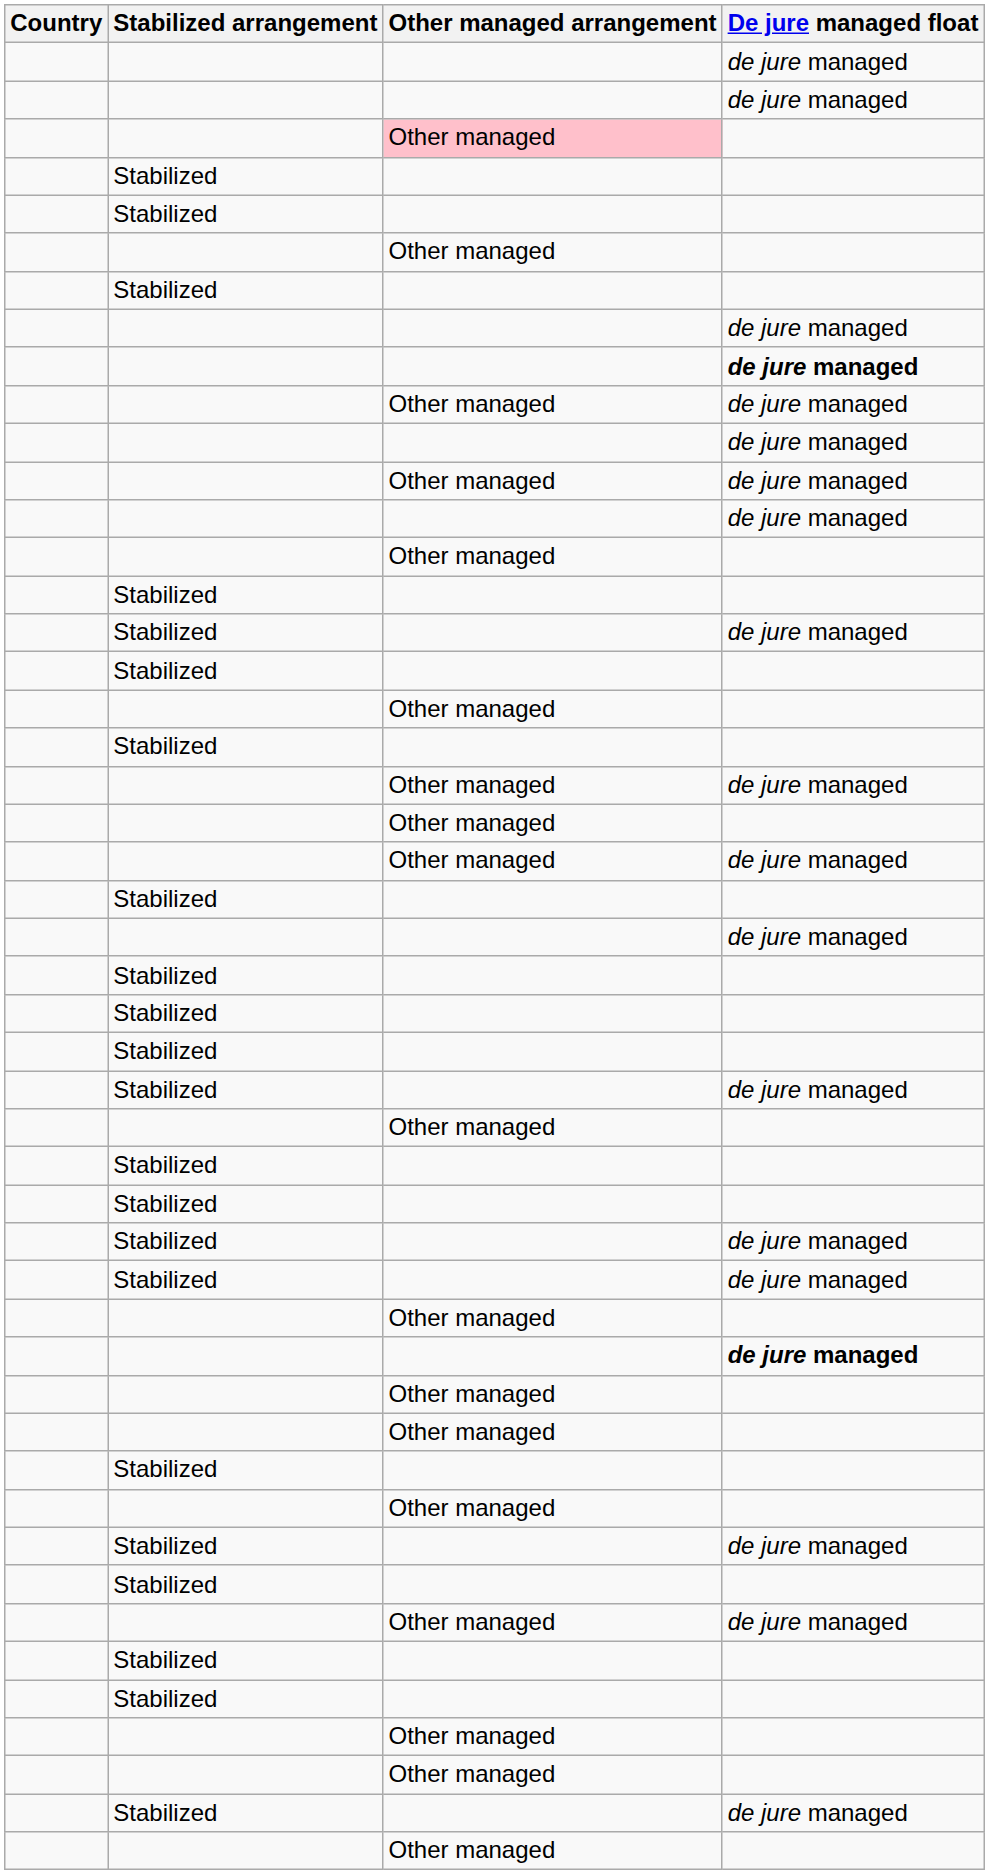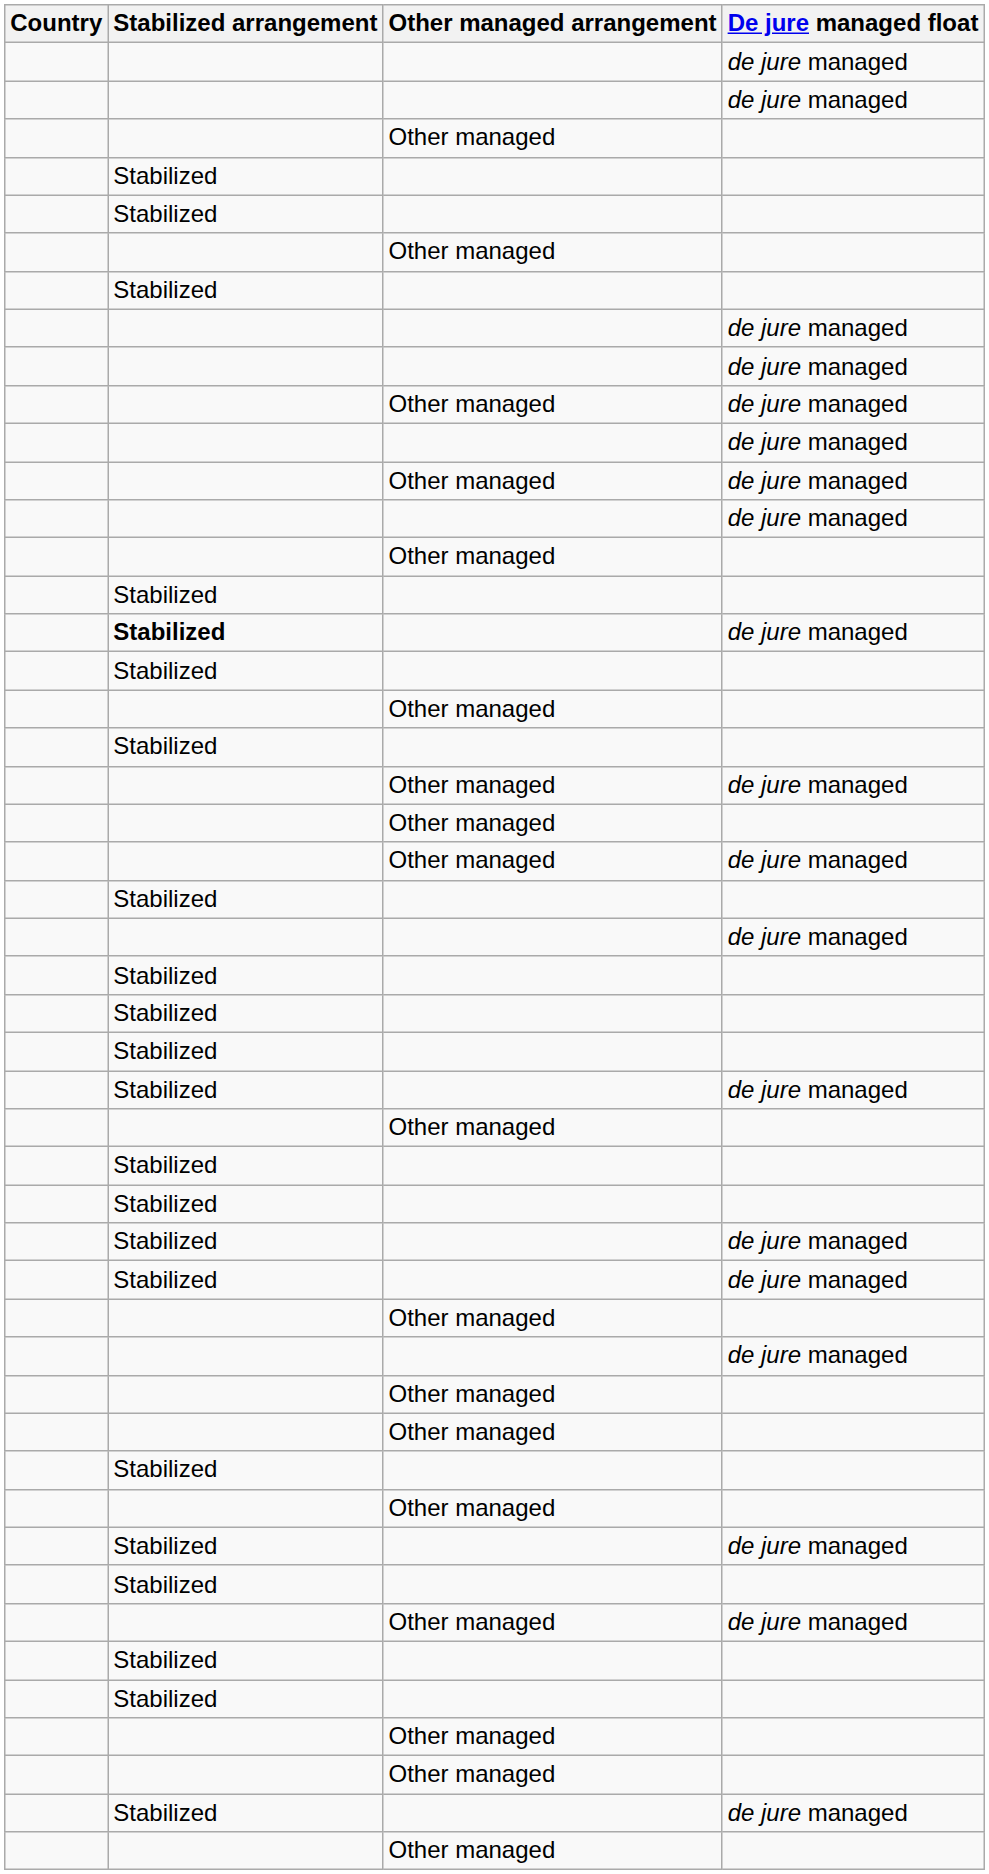 <table class="wikitable">
 <tr>
 <th>Country</th>
 <th>Stabilized arrangement</th>
 <th>Other managed arrangement</th>
 <th><a href='#'>De jure</a> managed float</th>
 </tr>
 <tr>
 <td></td>
 <td></td>
 <td></td>
 <td><em>de jure</em> managed</td>
 </tr>
 <tr>
 <td></td>
 <td></td>
 <td></td>
 <td><em>de jure</em> managed</td>
 </tr>
 <tr>
 <td></td>
 <td></td>
-<td style="background: pink;">Other managed</td>
+<td>Other managed</td>
 <td></td>
 </tr>
 <tr>
 <td></td>
 <td>Stabilized</td>
 <td></td>
 <td></td>
 </tr>
 <tr>
 <td></td>
 <td>Stabilized</td>
 <td></td>
 <td></td>
 </tr>
 <tr>
 <td></td>
 <td></td>
 <td>Other managed</td>
 <td></td>
 </tr>
 <tr>
 <td></td>
 <td>Stabilized</td>
 <td></td>
 <td></td>
 </tr>
 <tr>
 <td></td>
 <td></td>
 <td></td>
 <td><em>de jure</em> managed</td>
 </tr>
 <tr>
 <td></td>
 <td></td>
 <td></td>
-<td><strong><em>de jure</em> managed</strong></td>
+<td><em>de jure</em> managed</td>
 </tr>
 <tr>
 <td></td>
 <td></td>
 <td>Other managed</td>
 <td><em>de jure</em> managed</td>
 </tr>
 <tr>
 <td></td>
 <td></td>
 <td></td>
 <td><em>de jure</em> managed</td>
 </tr>
 <tr>
 <td></td>
 <td></td>
 <td>Other managed</td>
 <td><em>de jure</em> managed</td>
 </tr>
 <tr>
 <td></td>
 <td></td>
 <td></td>
 <td><em>de jure</em> managed</td>
 </tr>
 <tr>
 <td></td>
 <td></td>
 <td>Other managed</td>
 <td></td>
 </tr>
 <tr>
 <td></td>
 <td>Stabilized</td>
 <td></td>
 <td></td>
 </tr>
 <tr>
 <td></td>
-<td>Stabilized</td>
+<td><strong>Stabilized</strong></td>
 <td></td>
 <td><em>de jure</em> managed</td>
 </tr>
 <tr>
 <td></td>
 <td>Stabilized</td>
 <td></td>
 <td></td>
 </tr>
 <tr>
 <td></td>
 <td></td>
 <td>Other managed</td>
 <td></td>
 </tr>
 <tr>
 <td></td>
 <td>Stabilized</td>
 <td></td>
 <td></td>
 </tr>
 <tr>
 <td></td>
 <td></td>
 <td>Other managed</td>
 <td><em>de jure</em> managed</td>
 </tr>
 <tr>
 <td></td>
 <td></td>
 <td>Other managed</td>
 <td></td>
 </tr>
 <tr>
 <td></td>
 <td></td>
 <td>Other managed</td>
 <td><em>de jure</em> managed</td>
 </tr>
 <tr>
 <td></td>
 <td>Stabilized</td>
 <td></td>
 <td></td>
 </tr>
 <tr>
 <td></td>
 <td></td>
 <td></td>
 <td><em>de jure</em> managed</td>
 </tr>
 <tr>
 <td></td>
 <td>Stabilized</td>
 <td></td>
 <td></td>
 </tr>
 <tr>
 <td></td>
 <td>Stabilized</td>
 <td></td>
 <td></td>
 </tr>
 <tr>
 <td></td>
 <td>Stabilized</td>
 <td></td>
 <td></td>
 </tr>
 <tr>
 <td></td>
 <td>Stabilized</td>
 <td></td>
 <td><em>de jure</em> managed</td>
 </tr>
 <tr>
 <td></td>
 <td></td>
 <td>Other managed</td>
 <td></td>
 </tr>
 <tr>
 <td></td>
 <td>Stabilized</td>
 <td></td>
 <td></td>
 </tr>
 <tr>
 <td></td>
 <td>Stabilized</td>
 <td></td>
 <td></td>
 </tr>
 <tr>
 <td></td>
 <td>Stabilized</td>
 <td></td>
 <td><em>de jure</em> managed</td>
 </tr>
 <tr>
 <td></td>
 <td>Stabilized</td>
 <td></td>
 <td><em>de jure</em> managed</td>
 </tr>
 <tr>
 <td></td>
 <td></td>
 <td>Other managed</td>
 <td></td>
 </tr>
 <tr>
 <td></td>
 <td></td>
 <td></td>
-<td><strong><em>de jure</em> managed</strong></td>
+<td><em>de jure</em> managed</td>
 </tr>
 <tr>
 <td></td>
 <td></td>
 <td>Other managed</td>
 <td></td>
 </tr>
 <tr>
 <td></td>
 <td></td>
 <td>Other managed</td>
 <td></td>
 </tr>
 <tr>
 <td></td>
 <td>Stabilized</td>
 <td></td>
 <td></td>
 </tr>
 <tr>
 <td></td>
 <td></td>
 <td>Other managed</td>
 <td></td>
 </tr>
 <tr>
 <td></td>
 <td>Stabilized</td>
 <td></td>
 <td><em>de jure</em> managed</td>
 </tr>
 <tr>
 <td></td>
 <td>Stabilized</td>
 <td></td>
 <td></td>
 </tr>
 <tr>
 <td></td>
 <td></td>
 <td>Other managed</td>
 <td><em>de jure</em> managed</td>
 </tr>
 <tr>
 <td></td>
 <td>Stabilized</td>
 <td></td>
 <td></td>
 </tr>
 <tr>
 <td></td>
 <td>Stabilized</td>
 <td></td>
 <td></td>
 </tr>
 <tr>
 <td></td>
 <td></td>
 <td>Other managed</td>
 <td></td>
 </tr>
 <tr>
 <td></td>
 <td></td>
 <td>Other managed</td>
 <td></td>
 </tr>
 <tr>
 <td></td>
 <td>Stabilized</td>
 <td></td>
 <td><em>de jure</em> managed</td>
 </tr>
 <tr>
 <td></td>
 <td></td>
 <td>Other managed</td>
 <td></td>
 </tr>
 </table>
